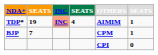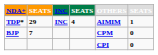 <table class="wikitable" style="font-weight: bold; font-size: x-small; font-family: verdana">
 <tr>
 <th style="background-color:#FF9900; color:white"><a href='#'>NDA+</a></th>
 <th style="background-color:#FF9900; color:white">SEATS</th>
 <th style="background-color:#007D48; color:white"><a href='#'>INC</a></th>
 <th style="background-color:#007D48; color:white">SEATS</th>
 <th style="background-color:#DDDDDD; color:white">OTHERS</th>
 <th style="background-color:#DDDDDD; color:white">SEATS</th>
 </tr>
 <tr --->
 <td><a href='#'>TDP</a>*</td>
-<td>19</td>
-<td style="background: lightsalmon;"><a href='#'>INC</a></td>
+<td>29</td>
+<td><a href='#'>INC</a></td>
 <td>4</td>
 <td><a href='#'>AIMIM</a></td>
 <td>1</td>
 </tr>
 <tr --->
 <td><a href='#'>BJP</a></td>
 <td>7</td>
 <td></td>
 <td></td>
 <td><a href='#'>CPM</a></td>
-<td>1</td>
+<td>0</td>
 </tr>
 <tr --->
 <td></td>
 <td></td>
 <td></td>
 <td></td>
 <td><a href='#'>CPI</a></td>
 <td>0</td>
 </tr>
 </table>
